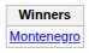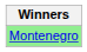 <table class=wikitable style="text-align:center; margin:auto">
 <tr>
 <th>Winners</th>
 </tr>
 <tr>
-<td> <a href='#'>Montenegro</a></td>
+<td style="background: lightgreen;"> <a href='#'>Montenegro</a></td>
 </tr>
 </table>
